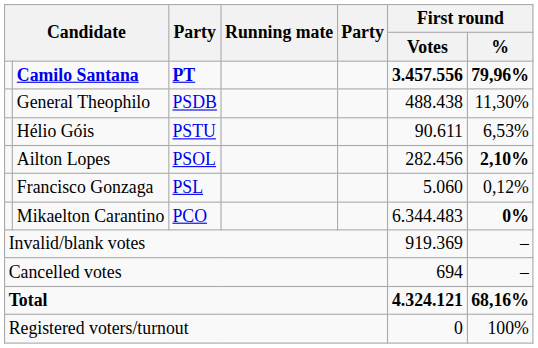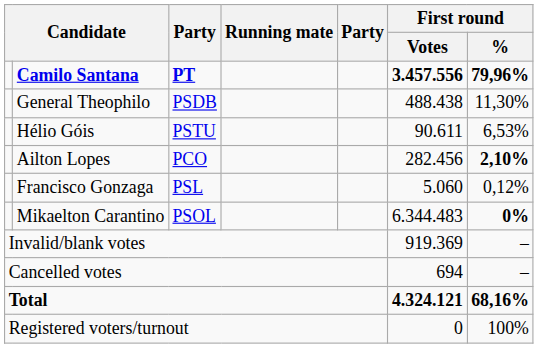 <table class="wikitable" style="text-align:right">
 <tr>
 <th colspan="2" rowspan="2">Candidate</th>
 <th rowspan="2">Party</th>
 <th rowspan="2">Running mate</th>
 <th rowspan="2">Party</th>
 <th colspan="2">First round</th>
 </tr>
 <tr>
 <th>Votes</th>
 <th>%</th>
 </tr>
 <tr>
 <td></td>
 <td align="left"><strong><a href='#'>Camilo Santana</a></strong></td>
 <td align="left"><a href='#'><strong>PT</strong></a></td>
 <td align="left"><strong></strong></td>
 <td align="left"><strong></strong></td>
 <td><strong>3.457.556</strong></td>
 <td><strong>79,96%</strong></td>
 </tr>
 <tr>
 <td></td>
 <td align="left">General Theophilo</td>
 <td align="left"><a href='#'>PSDB</a></td>
 <td align="left"></td>
 <td align="left"></td>
 <td>488.438</td>
 <td>11,30%</td>
 </tr>
 <tr>
 <td></td>
 <td align="left">Hélio Góis</td>
 <td align="left"><a href='#'>PSTU</a></td>
 <td align="left"></td>
 <td align="left"></td>
 <td>90.611</td>
 <td>6,53%</td>
 </tr>
 <tr>
 <td></td>
 <td align="left">Ailton Lopes</td>
-<td align="left"><a href='#'>PSOL</a></td>
+<td align="left"><a href='#'>PCO</a></td>
 <td align="left"></td>
 <td align="left"></td>
 <td>282.456</td>
 <td><strong>2,10%</strong></td>
 </tr>
 <tr>
 <td></td>
 <td align="left">Francisco Gonzaga</td>
 <td align="left"><a href='#'>PSL</a></td>
 <td align="left"></td>
 <td align="left"></td>
 <td>5.060</td>
 <td>0,12%</td>
 </tr>
 <tr>
 <td></td>
 <td align="left">Mikaelton Carantino</td>
-<td align="left"><a href='#'>PCO</a></td>
+<td align="left"><a href='#'>PSOL</a></td>
 <td align="left"></td>
 <td align="left"></td>
 <td>6.344.483</td>
 <td><strong>0%</strong></td>
 </tr>
 <tr>
 <td colspan="5" align="left">Invalid/blank votes</td>
 <td>919.369</td>
 <td>–</td>
 </tr>
 <tr>
 <td colspan="5" align="left">Cancelled votes</td>
 <td>694</td>
 <td>–</td>
 </tr>
 <tr>
 <td colspan="5" align="left"><strong>Total</strong></td>
 <td><strong>4.324.121</strong></td>
 <td><strong>68,16%</strong></td>
 </tr>
 <tr>
 <td colspan="5" align="left">Registered voters/turnout</td>
 <td>0</td>
 <td>100%</td>
 </tr>
 </table>
